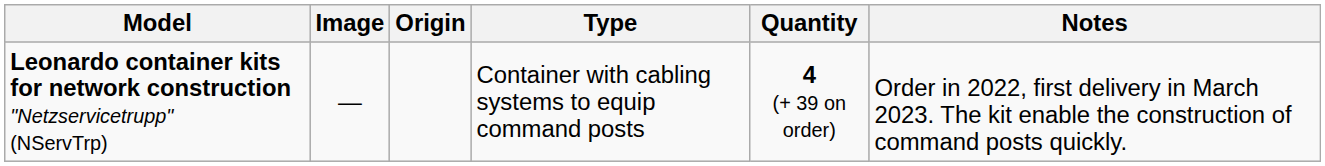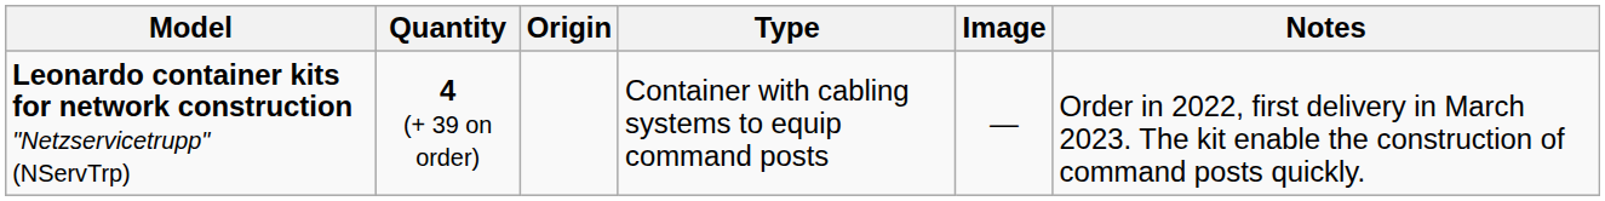 <table class="wikitable" style="width:100%;">
 <tr>
 <th>Model</th>
-<th>Image</th>
+<th>Quantity</th>
 <th>Origin</th>
 <th>Type</th>
-<th>Quantity</th>
+<th>Image</th>
 <th>Notes</th>
 </tr>
 <tr>
 <td><strong>Leonardo container kits for network construction</strong><br><em><small>"Netzservicetrupp"</small></em><br><small>(NServTrp)</small></td>
-<td style="text-align: center;">—</td>
+<td style="text-align: center;"><strong>4</strong><br><small>(+ 39 on order)</small></td>
 <td><small></small></td>
 <td>Container with cabling systems to equip command posts</td>
-<td style="text-align: center;"><strong>4</strong><br><small>(+ 39 on order)</small></td>
+<td style="text-align: center;">—</td>
 <td><br>Order in 2022, first delivery in March 2023. The kit enable the construction of command posts quickly.</td>
 </tr>
 </table>
